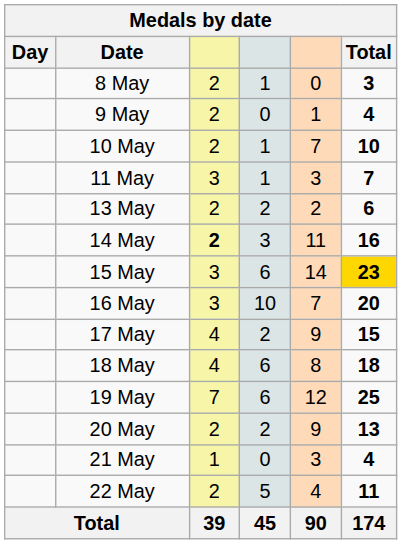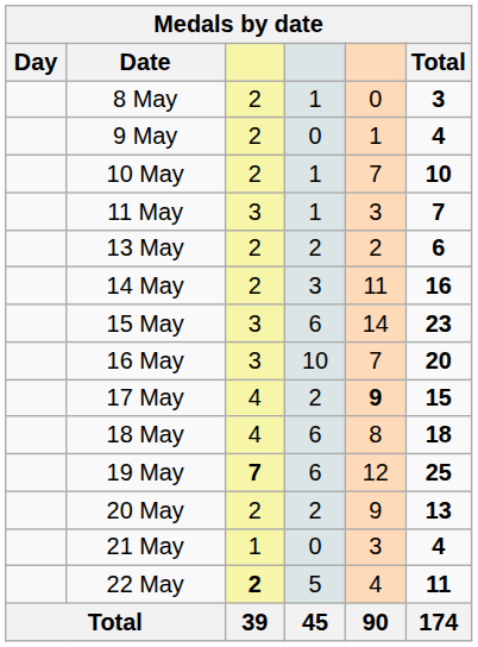 <table class="wikitable" style="font-size:90%; text-align:center">
 <tr style="background:#efefef;">
 <th colspan=6><strong>Medals by date</strong></th>
 </tr>
 <tr>
 <th width=30><strong>Day</strong></th>
 <th width=90><strong>Date</strong></th>
 <th width=30 style="background:#F7F6A8;"></th>
 <th width=30 style="background:#DCE5E5;"></th>
 <th width=30 style="background:#FFDAB9;"></th>
 <th width=30><strong>Total</strong></th>
 </tr>
 <tr>
 <td></td>
 <td>8 May</td>
 <td style="background:#F7F6A8;">2</td>
 <td style="background:#DCE5E5;">1</td>
 <td style="background:#FFDAB9;">0</td>
 <td><strong>3</strong></td>
 </tr>
 <tr>
 <td></td>
 <td>9 May</td>
 <td style="background:#F7F6A8;">2</td>
 <td style="background:#DCE5E5;">0</td>
 <td style="background:#FFDAB9;">1</td>
 <td><strong>4</strong></td>
 </tr>
 <tr>
 <td></td>
 <td>10 May</td>
 <td style="background:#F7F6A8;">2</td>
 <td style="background:#DCE5E5;">1</td>
 <td style="background:#FFDAB9;">7</td>
 <td><strong>10</strong></td>
 </tr>
 <tr>
 <td></td>
 <td>11 May</td>
 <td style="background:#F7F6A8;">3</td>
 <td style="background:#DCE5E5;">1</td>
 <td style="background:#FFDAB9;">3</td>
 <td><strong>7</strong></td>
 </tr>
 <tr>
 <td></td>
 <td>13 May</td>
 <td style="background:#F7F6A8;">2</td>
 <td style="background:#DCE5E5;">2</td>
 <td style="background:#FFDAB9;">2</td>
 <td><strong>6</strong></td>
 </tr>
 <tr>
 <td></td>
 <td>14 May</td>
-<td style="background:#F7F6A8;"><strong>2</strong></td>
+<td style="background:#F7F6A8;">2</td>
 <td style="background:#DCE5E5;">3</td>
 <td style="background:#FFDAB9;">11</td>
 <td><strong>16</strong></td>
 </tr>
 <tr>
 <td></td>
 <td>15 May</td>
 <td style="background:#F7F6A8;">3</td>
 <td style="background:#DCE5E5;">6</td>
 <td style="background:#FFDAB9;">14</td>
-<td style="background: gold;"><strong>23</strong></td>
+<td><strong>23</strong></td>
 </tr>
 <tr>
 <td></td>
 <td>16 May</td>
 <td style="background:#F7F6A8;">3</td>
 <td style="background:#DCE5E5;">10</td>
 <td style="background:#FFDAB9;">7</td>
 <td><strong>20</strong></td>
 </tr>
 <tr>
 <td></td>
 <td>17 May</td>
 <td style="background:#F7F6A8;">4</td>
 <td style="background:#DCE5E5;">2</td>
-<td style="background:#FFDAB9;">9</td>
+<td style="background:#FFDAB9;"><strong>9</strong></td>
 <td><strong>15</strong></td>
 </tr>
 <tr>
 <td></td>
 <td>18 May</td>
 <td style="background:#F7F6A8;">4</td>
 <td style="background:#DCE5E5;">6</td>
 <td style="background:#FFDAB9;">8</td>
 <td><strong>18</strong></td>
 </tr>
 <tr>
 <td></td>
 <td>19 May</td>
-<td style="background:#F7F6A8;">7</td>
+<td style="background:#F7F6A8;"><strong>7</strong></td>
 <td style="background:#DCE5E5;">6</td>
 <td style="background:#FFDAB9;">12</td>
 <td><strong>25</strong></td>
 </tr>
 <tr>
 <td></td>
 <td>20 May</td>
 <td style="background:#F7F6A8;">2</td>
 <td style="background:#DCE5E5;">2</td>
 <td style="background:#FFDAB9;">9</td>
 <td><strong>13</strong></td>
 </tr>
 <tr>
 <td></td>
 <td>21 May</td>
 <td style="background:#F7F6A8;">1</td>
 <td style="background:#DCE5E5;">0</td>
 <td style="background:#FFDAB9;">3</td>
 <td><strong>4</strong></td>
 </tr>
 <tr>
 <td></td>
 <td>22 May</td>
-<td style="background:#F7F6A8;">2</td>
+<td style="background:#F7F6A8;"><strong>2</strong></td>
 <td style="background:#DCE5E5;">5</td>
 <td style="background:#FFDAB9;">4</td>
 <td><strong>11</strong></td>
 </tr>
 <tr>
 <th colspan="2"><strong>Total</strong></th>
 <th><strong>39</strong></th>
 <th><strong>45</strong></th>
 <th><strong>90</strong></th>
 <th><strong>174</strong></th>
 </tr>
 </table>
